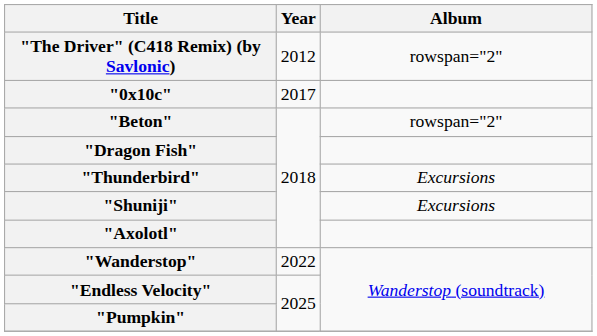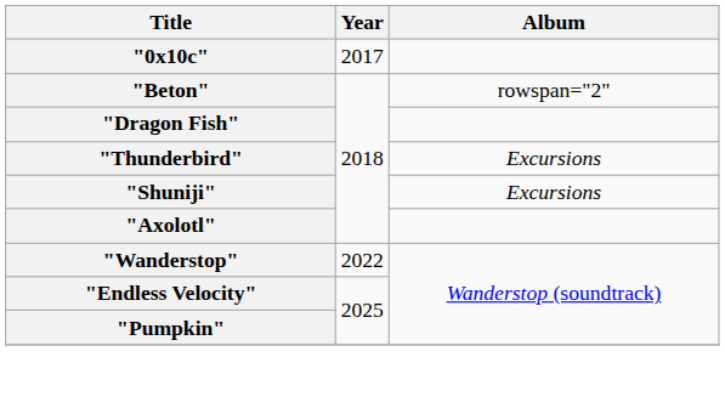 <table class="wikitable plainrowheaders" style="text-align:center;">
 <tr>
 <th rowspan="1" style="width:15em;">Title</th>
 <th rowspan="1">Year</th>
 <th rowspan="1" style="width:15em;">Album</th>
-</tr>
-<tr>
-<th scope=row>"The Driver" (C418 Remix) (by <a href='#'>Savlonic</a>)</th>
-<td rowspan="1">2012</td>
-<td>rowspan="2" </td>
 </tr>
 <tr>
 <th scope=row>"0x10c"</th>
 <td rowspan="1">2017</td>
 </tr>
 <tr>
 <th scope=row>"Beton"</th>
 <td rowspan="5">2018</td>
 <td>rowspan="2" </td>
 </tr>
 <tr>
 <th scope=row>"Dragon Fish"</th>
 <td></td>
 </tr>
 <tr>
 <th scope=row>"Thunderbird"</th>
 <td><em>Excursions</em></td>
 </tr>
 <tr>
 <th scope=row>"Shuniji"</th>
 <td><em>Excursions</em></td>
 </tr>
 <tr>
 <th scope=row>"Axolotl"</th>
 </tr>
 <tr>
 <th scope=row>"Wanderstop"</th>
 <td>2022</td>
 <td rowspan="3"><a href='#'><em>Wanderstop</em> (soundtrack)</a></td>
 </tr>
 <tr>
 <th scope=row>"Endless Velocity"</th>
 <td rowspan="2">2025</td>
 </tr>
 <tr>
 <th scope=row>"Pumpkin"</th>
 </tr>
 <tr>
 </tr>
 </table>
